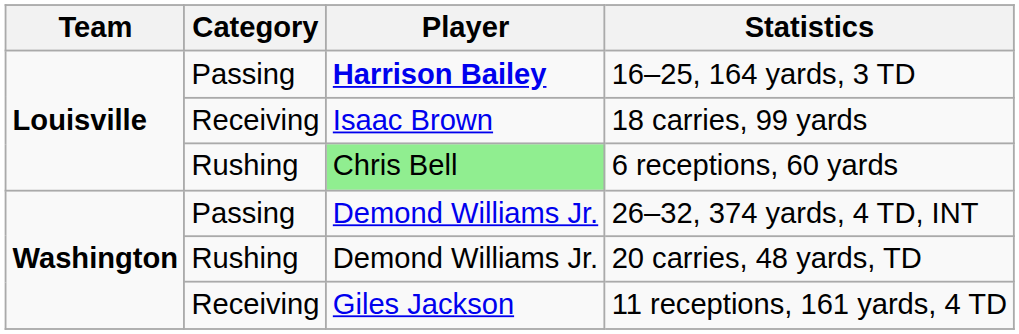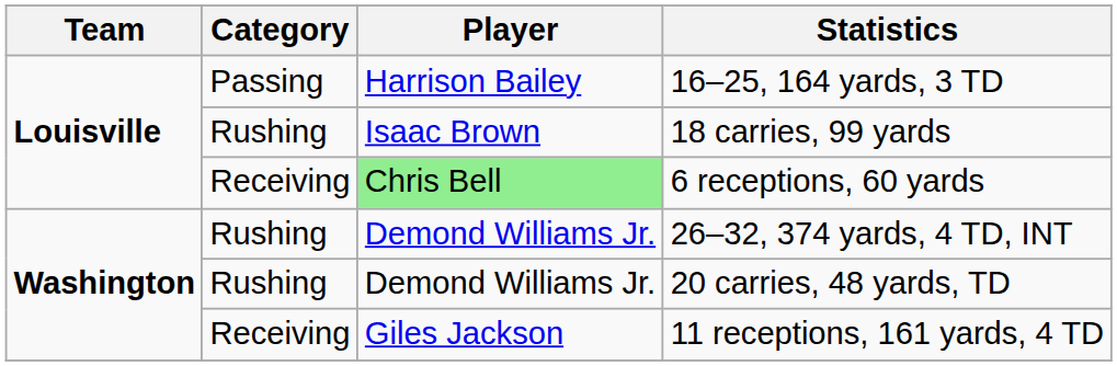 <table class="wikitable" style="float: right;">
 <tr>
 <th>Team</th>
 <th>Category</th>
 <th>Player</th>
 <th>Statistics</th>
 </tr>
 <tr>
 <td rowspan=3><strong>Louisville</strong></td>
 <td>Passing</td>
-<td><strong><a href='#'>Harrison Bailey</a></strong></td>
+<td><a href='#'>Harrison Bailey</a></td>
 <td>16–25, 164 yards, 3 TD</td>
 </tr>
 <tr>
-<td>Receiving</td>
+<td>Rushing</td>
 <td><a href='#'>Isaac Brown</a></td>
 <td>18 carries, 99 yards</td>
 </tr>
 <tr>
-<td>Rushing</td>
+<td>Receiving</td>
 <td style="background: lightgreen;">Chris Bell</td>
 <td>6 receptions, 60 yards</td>
 </tr>
 <tr>
 <td rowspan=3><strong>Washington</strong></td>
-<td>Passing</td>
+<td>Rushing</td>
 <td><a href='#'>Demond Williams Jr.</a></td>
 <td>26–32, 374 yards, 4 TD, INT</td>
 </tr>
 <tr>
 <td>Rushing</td>
 <td>Demond Williams Jr.</td>
 <td>20 carries, 48 yards, TD</td>
 </tr>
 <tr>
 <td>Receiving</td>
 <td><a href='#'>Giles Jackson</a></td>
 <td>11 receptions, 161 yards, 4 TD</td>
 </tr>
 </table>
